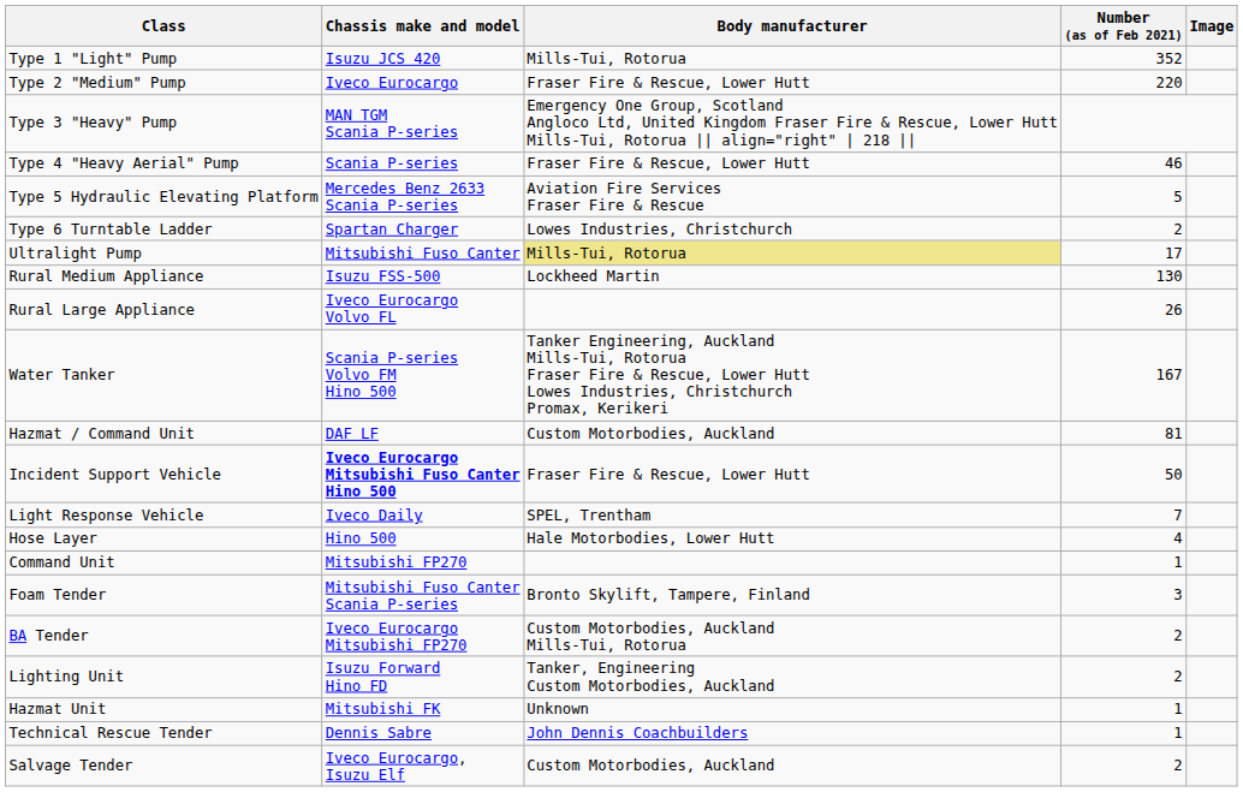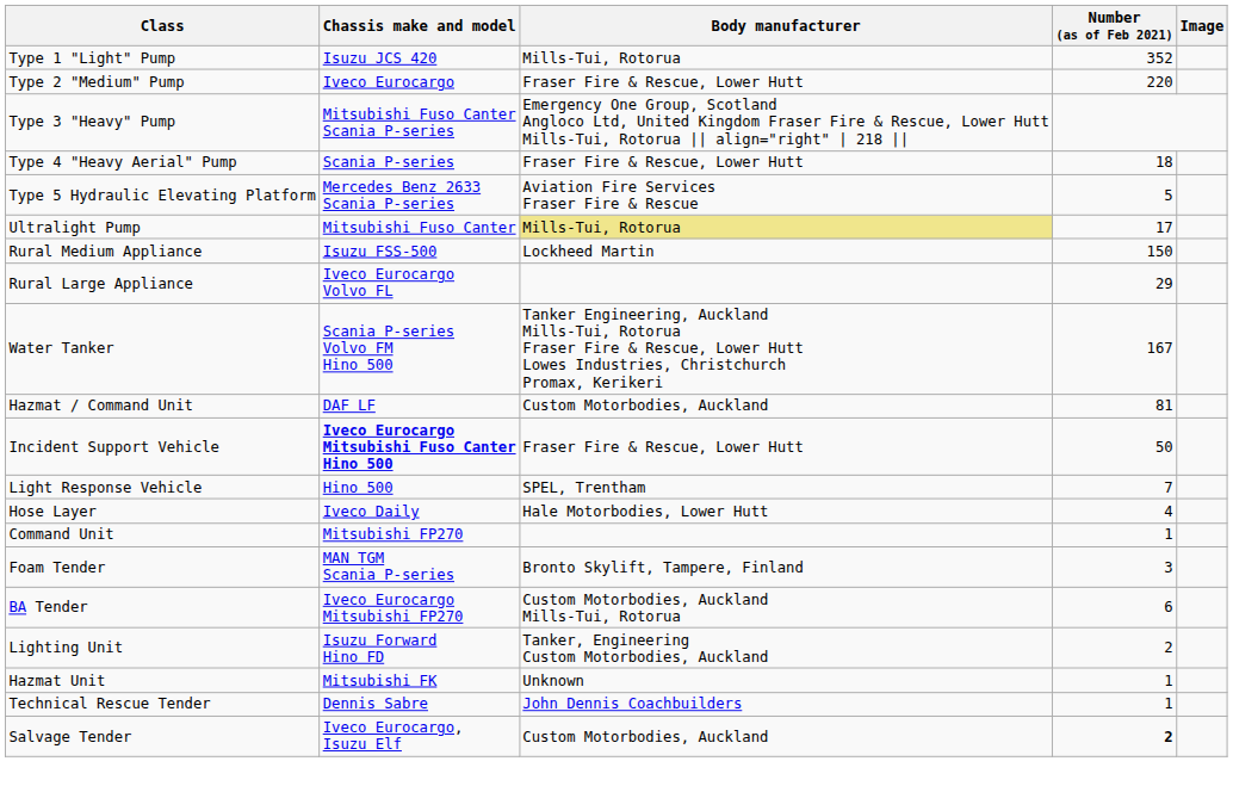 <table class="wikitable">
 <tr>
 <th>Class</th>
 <th>Chassis make and model</th>
 <th>Body manufacturer</th>
 <th>Number <br><small>(as of Feb 2021)</small></th>
 <th>Image</th>
 </tr>
 <tr .co>
 <td>Type 1 "Light" Pump</td>
 <td><a href='#'>Isuzu JCS 420</a></td>
 <td>Mills-Tui, Rotorua</td>
 <td align="right">352</td>
 <td></td>
 </tr>
 <tr>
 <td>Type 2 "Medium" Pump</td>
 <td><a href='#'>Iveco Eurocargo</a></td>
 <td>Fraser Fire & Rescue, Lower Hutt</td>
 <td align="right">220</td>
 <td></td>
 </tr>
 <tr>
 <td>Type 3 "Heavy" Pump</td>
-<td><a href='#'>MAN TGM</a><br><a href='#'>Scania P-series</a></td>
+<td><a href='#'>Mitsubishi Fuso Canter</a> <br><a href='#'>Scania P-series</a></td>
 <td>Emergency One Group, Scotland<br>Angloco Ltd, United Kingdom Fraser Fire & Rescue, Lower Hutt <br>Mills-Tui, Rotorua || align="right" | 218 || </td>
 </tr>
 <tr>
 <td>Type 4 "Heavy Aerial" Pump</td>
 <td><a href='#'>Scania P-series</a></td>
 <td>Fraser Fire & Rescue, Lower Hutt</td>
-<td align="right">46</td>
+<td align="right">18</td>
 <td></td>
 </tr>
 <tr>
 <td>Type 5 Hydraulic Elevating Platform</td>
 <td><a href='#'>Mercedes Benz 2633</a><br><a href='#'>Scania P-series</a></td>
 <td>Aviation Fire Services <br> Fraser Fire & Rescue</td>
 <td align="right">5</td>
-<td></td>
-</tr>
-<tr>
-<td>Type 6 Turntable Ladder</td>
-<td><a href='#'>Spartan Charger</a></td>
-<td>Lowes Industries, Christchurch</td>
-<td align="right">2</td>
 <td></td>
 </tr>
 <tr>
 <td>Ultralight Pump</td>
 <td><a href='#'>Mitsubishi Fuso Canter</a></td>
 <td style="background: khaki;">Mills-Tui, Rotorua</td>
 <td align="right">17</td>
 <td></td>
 </tr>
 <tr>
 <td>Rural Medium Appliance</td>
 <td><a href='#'>Isuzu FSS-500</a></td>
 <td>Lockheed Martin</td>
-<td align="right">130</td>
+<td align="right">150</td>
 <td></td>
 </tr>
 <tr>
 <td>Rural Large Appliance</td>
 <td><a href='#'>Iveco Eurocargo</a><br><a href='#'>Volvo FL</a></td>
 <td></td>
-<td align="right">26</td>
+<td align="right">29</td>
 <td></td>
 </tr>
 <tr>
 <td>Water Tanker</td>
 <td><a href='#'>Scania P-series</a><br><a href='#'>Volvo FM</a> <br><a href='#'>Hino 500</a></td>
 <td>Tanker Engineering, Auckland <br>Mills-Tui, Rotorua <br>Fraser Fire & Rescue, Lower Hutt <br>Lowes Industries, Christchurch <br>Promax, Kerikeri</td>
 <td align="right">167</td>
 <td></td>
 </tr>
 <tr>
 <td>Hazmat / Command Unit</td>
 <td><a href='#'>DAF LF</a></td>
 <td>Custom Motorbodies, Auckland</td>
 <td align="right">81</td>
 <td></td>
 </tr>
 <tr>
 <td>Incident Support Vehicle</td>
 <td><strong><a href='#'>Iveco Eurocargo</a> <br><a href='#'>Mitsubishi Fuso Canter</a><br><a href='#'>Hino 500</a></strong></td>
 <td>Fraser Fire & Rescue, Lower Hutt</td>
 <td align="right">50</td>
 <td></td>
 </tr>
 <tr>
 <td>Light Response Vehicle</td>
-<td><a href='#'>Iveco Daily</a></td>
+<td><a href='#'>Hino 500</a></td>
 <td>SPEL, Trentham</td>
 <td align="right">7</td>
 <td></td>
 </tr>
 <tr>
 <td>Hose Layer</td>
-<td><a href='#'>Hino 500</a></td>
+<td><a href='#'>Iveco Daily</a></td>
 <td>Hale Motorbodies, Lower Hutt</td>
 <td align="right">4</td>
 <td></td>
 </tr>
 <tr>
 <td>Command Unit</td>
 <td><a href='#'>Mitsubishi FP270</a></td>
 <td></td>
 <td align="right">1</td>
 <td></td>
 </tr>
 <tr>
 <td>Foam Tender</td>
-<td><a href='#'>Mitsubishi Fuso Canter</a> <br><a href='#'>Scania P-series</a></td>
+<td><a href='#'>MAN TGM</a><br><a href='#'>Scania P-series</a></td>
 <td>Bronto Skylift, Tampere, Finland</td>
 <td align="right">3</td>
 <td></td>
 </tr>
 <tr>
 <td><a href='#'>BA</a> Tender</td>
 <td><a href='#'>Iveco Eurocargo</a> <br><a href='#'>Mitsubishi FP270</a></td>
 <td>Custom Motorbodies, Auckland <br>Mills-Tui, Rotorua</td>
-<td align="right">2</td>
+<td align="right">6</td>
 <td></td>
 </tr>
 <tr>
 <td>Lighting Unit</td>
 <td><a href='#'>Isuzu Forward</a> <br><a href='#'>Hino FD</a></td>
 <td>Tanker, Engineering <br>Custom Motorbodies, Auckland</td>
 <td align="right">2</td>
 <td></td>
 </tr>
 <tr>
 <td>Hazmat Unit</td>
 <td><a href='#'>Mitsubishi FK</a></td>
 <td>Unknown</td>
 <td align="right">1</td>
 <td></td>
 </tr>
 <tr>
 <td>Technical Rescue Tender</td>
 <td><a href='#'>Dennis Sabre</a></td>
 <td><a href='#'>John Dennis Coachbuilders</a></td>
 <td align="right">1</td>
 <td></td>
 </tr>
 <tr>
 <td>Salvage Tender</td>
 <td><a href='#'>Iveco Eurocargo</a>,<br><a href='#'>Isuzu Elf</a></td>
 <td>Custom Motorbodies, Auckland</td>
-<td align="right">2</td>
+<td align="right"><strong>2</strong></td>
 <td></td>
 </tr>
 </table>
